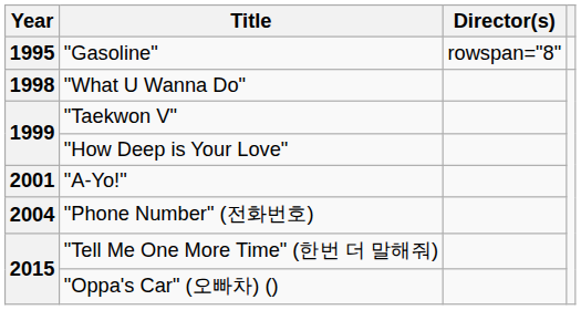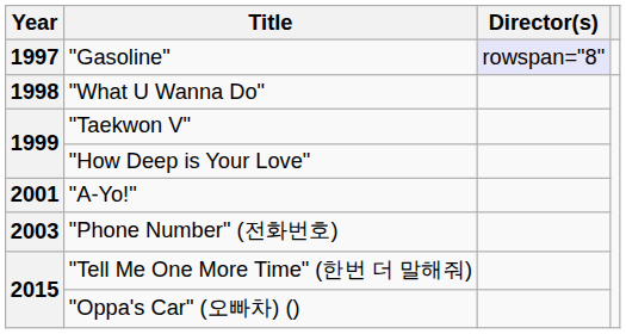 <table class="wikitable plainrowheaders sortable">
 <tr>
 <th scope="col">Year</th>
 <th scope="col">Title</th>
 <th scope="col">Director(s)</th>
 <th scope="col" class="unsortable"></th>
 </tr>
 <tr>
-<th scope="row">1995</th>
+<th scope="row">1997</th>
 <td>"Gasoline"</td>
-<td>rowspan="8" </td>
+<td style="background: lavender;">rowspan="8" </td>
 <td style="text-align:center"></td>
 </tr>
 <tr>
 <th scope="row">1998</th>
 <td>"What U Wanna Do"</td>
 <td style="text-align:center"></td>
 </tr>
 <tr>
 <th scope="row" rowspan="2">1999</th>
 <td>"Taekwon V"</td>
 <td style="text-align:center"></td>
 </tr>
 <tr>
 <td>"How Deep is Your Love"</td>
 <td style="text-align:center"></td>
 </tr>
 <tr>
 <th scope="row">2001</th>
 <td>"A-Yo!"</td>
 <td style="text-align:center"></td>
 </tr>
 <tr>
-<th scope="row">2004</th>
+<th scope="row">2003</th>
 <td>"Phone Number" (전화번호)</td>
 <td style="text-align:center"></td>
 </tr>
 <tr>
 <th scope="row" rowspan="2">2015</th>
 <td>"Tell Me One More Time" (한번 더 말해줘)</td>
 <td style="text-align:center"></td>
 </tr>
 <tr>
 <td>"Oppa's Car" (오빠차) ()</td>
 <td style="text-align:center"></td>
 </tr>
 </table>
